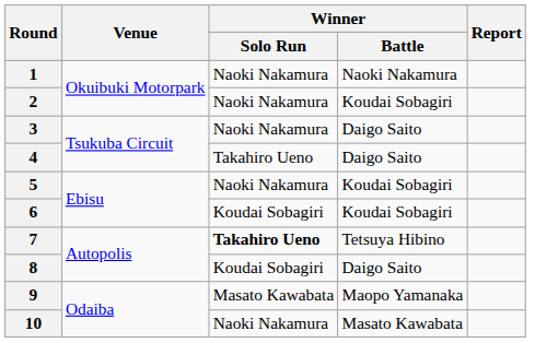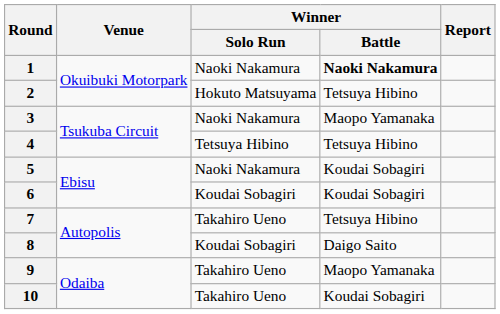 <table class="wikitable" style="font-size:85%">
 <tr>
 <th rowspan="2">Round</th>
 <th rowspan="2">Venue</th>
 <th colspan="2">Winner</th>
 <th rowspan="2">Report</th>
 </tr>
 <tr>
 <th>Solo Run</th>
 <th>Battle</th>
 </tr>
 <tr>
 <th>1</th>
 <td rowspan="2"><a href='#'>Okuibuki Motorpark</a></td>
 <td>Naoki Nakamura</td>
-<td>Naoki Nakamura</td>
+<td><strong>Naoki Nakamura</strong></td>
 <td></td>
 </tr>
 <tr>
 <th>2</th>
-<td>Naoki Nakamura</td>
-<td>Koudai Sobagiri</td>
+<td>Hokuto Matsuyama</td>
+<td>Tetsuya Hibino</td>
 <td></td>
 </tr>
 <tr>
 <th>3</th>
 <td rowspan="2"><a href='#'>Tsukuba Circuit</a></td>
 <td>Naoki Nakamura</td>
-<td>Daigo Saito</td>
+<td>Maopo Yamanaka</td>
 <td></td>
 </tr>
 <tr>
 <th>4</th>
-<td>Takahiro Ueno</td>
-<td>Daigo Saito</td>
+<td>Tetsuya Hibino</td>
+<td>Tetsuya Hibino</td>
 <td></td>
 </tr>
 <tr>
 <th>5</th>
 <td rowspan="2"><a href='#'>Ebisu</a></td>
 <td>Naoki Nakamura</td>
 <td>Koudai Sobagiri</td>
 <td></td>
 </tr>
 <tr>
 <th>6</th>
 <td>Koudai Sobagiri</td>
 <td>Koudai Sobagiri</td>
 <td></td>
 </tr>
 <tr>
 <th>7</th>
 <td rowspan="2"><a href='#'>Autopolis</a></td>
-<td><strong>Takahiro Ueno</strong></td>
+<td>Takahiro Ueno</td>
 <td>Tetsuya Hibino</td>
 <td></td>
 </tr>
 <tr>
 <th>8</th>
 <td>Koudai Sobagiri</td>
 <td>Daigo Saito</td>
 <td></td>
 </tr>
 <tr>
 <th>9</th>
 <td rowspan="2"><a href='#'>Odaiba</a></td>
-<td>Masato Kawabata</td>
+<td>Takahiro Ueno</td>
 <td>Maopo Yamanaka</td>
 <td></td>
 </tr>
 <tr>
 <th>10</th>
-<td>Naoki Nakamura</td>
-<td>Masato Kawabata</td>
+<td>Takahiro Ueno</td>
+<td>Koudai Sobagiri</td>
 <td></td>
 </tr>
 </table>
